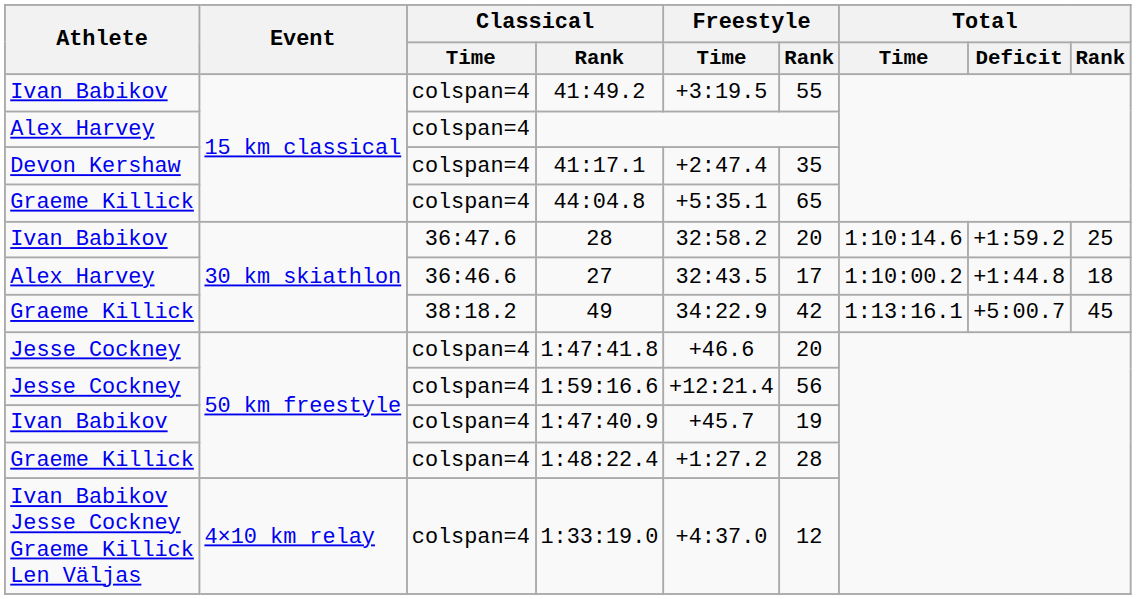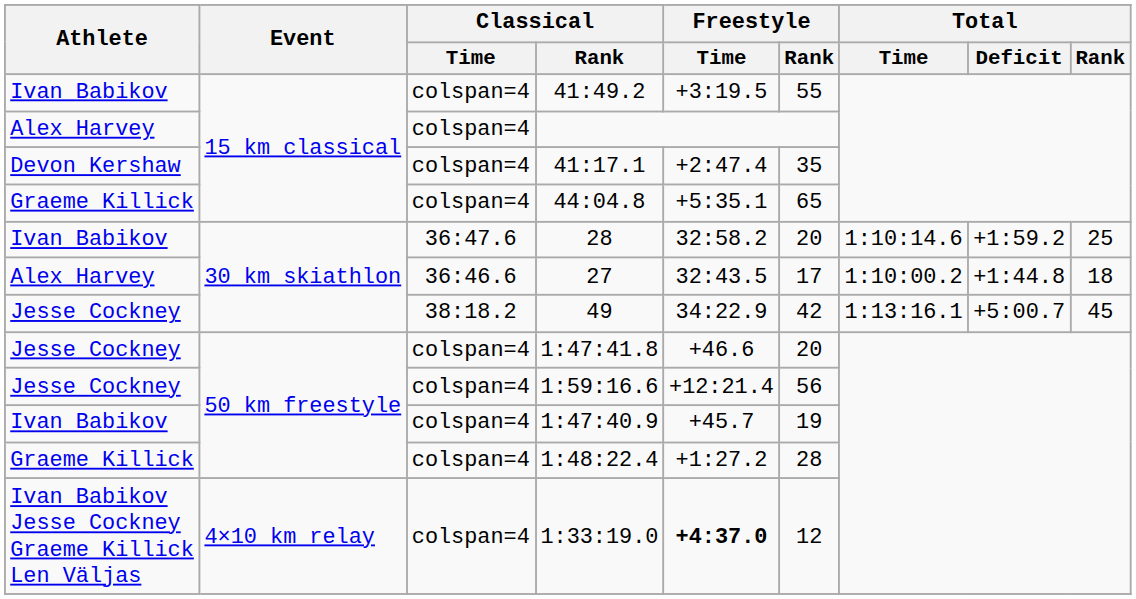 <table class="wikitable" style="font-size:90%">
 <tr>
 <th rowspan=2>Athlete</th>
 <th rowspan=2>Event</th>
 <th colspan=2>Classical</th>
 <th colspan=2>Freestyle</th>
 <th colspan=3>Total</th>
 </tr>
 <tr style="font-size: 95%">
 <th>Time</th>
 <th>Rank</th>
 <th>Time</th>
 <th>Rank</th>
 <th>Time</th>
 <th>Deficit</th>
 <th>Rank</th>
 </tr>
 <tr align=center>
 <td align=left><a href='#'>Ivan Babikov</a></td>
 <td align=left rowspan=4><a href='#'>15 km classical</a></td>
 <td>colspan=4 </td>
 <td>41:49.2</td>
 <td>+3:19.5</td>
 <td>55</td>
 </tr>
 <tr align=center>
 <td align=left><a href='#'>Alex Harvey</a></td>
 <td>colspan=4 </td>
 <td colspan=3></td>
 </tr>
 <tr align=center>
 <td align=left><a href='#'>Devon Kershaw</a></td>
 <td>colspan=4 </td>
 <td>41:17.1</td>
 <td>+2:47.4</td>
 <td>35</td>
 </tr>
 <tr align=center>
 <td align=left><a href='#'>Graeme Killick</a></td>
 <td>colspan=4 </td>
 <td>44:04.8</td>
 <td>+5:35.1</td>
 <td>65</td>
 </tr>
 <tr align=center>
 <td align=left><a href='#'>Ivan Babikov</a></td>
 <td align=left rowspan=3><a href='#'>30 km skiathlon</a></td>
 <td>36:47.6</td>
 <td>28</td>
 <td>32:58.2</td>
 <td>20</td>
 <td>1:10:14.6</td>
 <td>+1:59.2</td>
 <td>25</td>
 </tr>
 <tr align=center>
 <td align=left><a href='#'>Alex Harvey</a></td>
 <td>36:46.6</td>
 <td>27</td>
 <td>32:43.5</td>
 <td>17</td>
 <td>1:10:00.2</td>
 <td>+1:44.8</td>
 <td>18</td>
 </tr>
 <tr align=center>
-<td align=left><a href='#'>Graeme Killick</a></td>
+<td align=left><a href='#'>Jesse Cockney</a></td>
 <td>38:18.2</td>
 <td>49</td>
 <td>34:22.9</td>
 <td>42</td>
 <td>1:13:16.1</td>
 <td>+5:00.7</td>
 <td>45</td>
 </tr>
 <tr align=center>
 <td align=left><a href='#'>Jesse Cockney</a></td>
 <td align=left rowspan=4><a href='#'>50 km freestyle</a></td>
 <td>colspan=4 </td>
 <td>1:47:41.8</td>
 <td>+46.6</td>
 <td>20</td>
 </tr>
 <tr align=center>
 <td align=left><a href='#'>Jesse Cockney</a></td>
 <td>colspan=4 </td>
 <td>1:59:16.6</td>
 <td>+12:21.4</td>
 <td>56</td>
 </tr>
 <tr align=center>
 <td align=left><a href='#'>Ivan Babikov</a></td>
 <td>colspan=4 </td>
 <td>1:47:40.9</td>
 <td>+45.7</td>
 <td>19</td>
 </tr>
 <tr align=center>
 <td align=left><a href='#'>Graeme Killick</a></td>
 <td>colspan=4 </td>
 <td>1:48:22.4</td>
 <td>+1:27.2</td>
 <td>28</td>
 </tr>
 <tr align=center>
 <td align=left><a href='#'>Ivan Babikov</a><br><a href='#'>Jesse Cockney</a><br><a href='#'>Graeme Killick</a><br><a href='#'>Len Väljas</a></td>
 <td align=left><a href='#'>4×10 km relay</a></td>
 <td>colspan=4 </td>
 <td>1:33:19.0</td>
-<td>+4:37.0</td>
+<td><strong>+4:37.0</strong></td>
 <td>12</td>
 </tr>
 </table>
